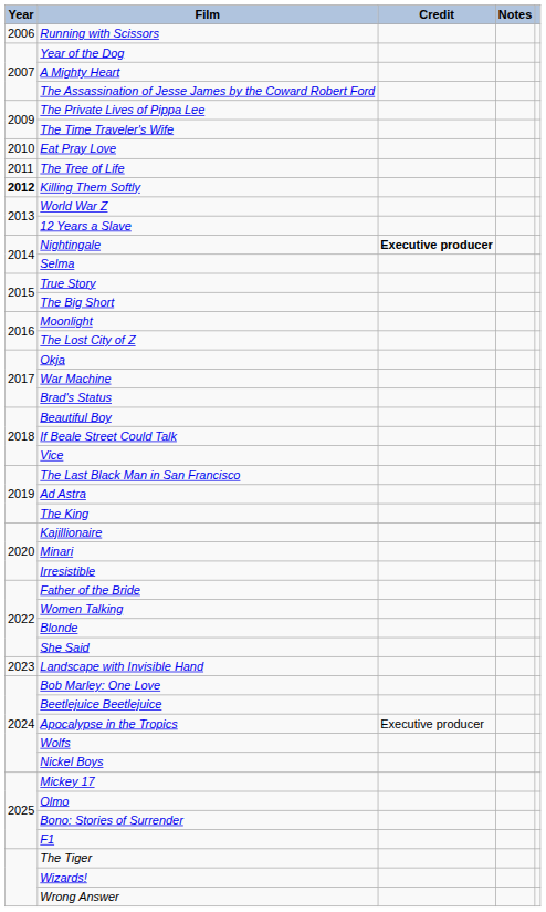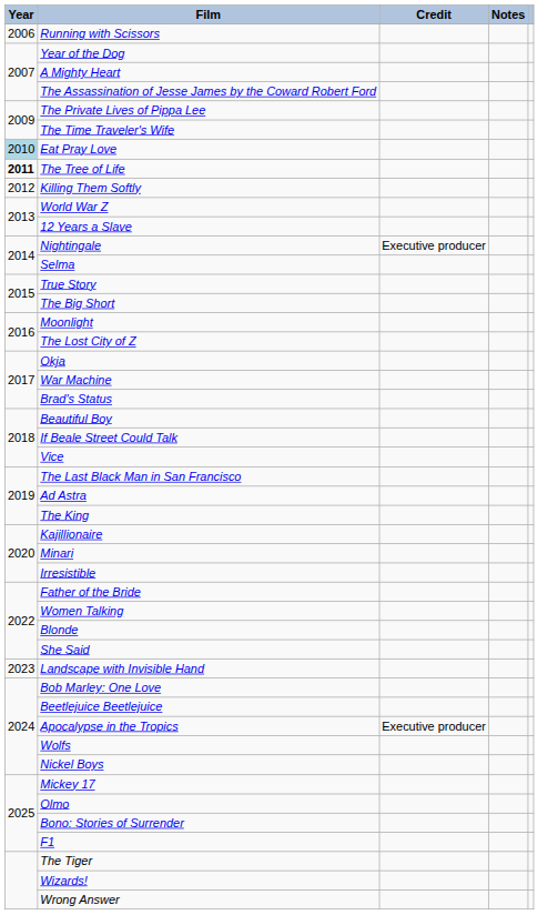 <table class="wikitable" style="font-size:95%;">
 <tr>
 <th style="background:#B0C4DE;">Year</th>
 <th style="background:#B0C4DE;">Film</th>
 <th style="background:#B0C4DE;">Credit</th>
 <th style="background:#B0C4DE;">Notes</th>
 <th style="background:#B0C4DE;"></th>
 </tr>
 <tr>
 <td>2006</td>
 <td><em><a href='#'>Running with Scissors</a></em></td>
 <td></td>
 <td></td>
 <td></td>
 </tr>
 <tr>
 <td rowspan=3>2007</td>
 <td><em><a href='#'>Year of the Dog</a></em></td>
 <td></td>
 <td></td>
 <td></td>
 </tr>
 <tr>
 <td><em><a href='#'>A Mighty Heart</a></em></td>
 <td></td>
 <td></td>
 <td></td>
 </tr>
 <tr>
 <td><em><a href='#'>The Assassination of Jesse James by the Coward Robert Ford</a></em></td>
 <td></td>
 <td></td>
 <td></td>
 </tr>
 <tr>
 <td rowspan=2>2009</td>
 <td><em><a href='#'>The Private Lives of Pippa Lee</a></em></td>
 <td></td>
 <td></td>
 <td></td>
 </tr>
 <tr>
 <td><em><a href='#'>The Time Traveler's Wife</a></em></td>
 <td></td>
 <td></td>
 <td></td>
 </tr>
 <tr>
-<td>2010</td>
+<td style="background: lightblue;">2010</td>
 <td><em><a href='#'>Eat Pray Love</a></em></td>
 <td></td>
 <td></td>
 <td></td>
 </tr>
 <tr>
-<td>2011</td>
+<td><strong>2011</strong></td>
 <td><em><a href='#'>The Tree of Life</a></em></td>
 <td></td>
 <td></td>
 <td></td>
 </tr>
 <tr>
-<td><strong>2012</strong></td>
+<td>2012</td>
 <td><em><a href='#'>Killing Them Softly</a></em></td>
 <td></td>
 <td></td>
 <td></td>
 </tr>
 <tr>
 <td rowspan=2>2013</td>
 <td><em><a href='#'>World War Z</a></em></td>
 <td></td>
 <td></td>
 <td></td>
 </tr>
 <tr>
 <td><em><a href='#'>12 Years a Slave</a></em></td>
 <td></td>
 <td></td>
 <td></td>
 </tr>
 <tr>
 <td rowspan=2>2014</td>
 <td><em><a href='#'>Nightingale</a></em></td>
-<td><strong>Executive producer</strong></td>
+<td>Executive producer</td>
 <td></td>
 <td></td>
 </tr>
 <tr>
 <td><em><a href='#'>Selma</a></em></td>
 <td></td>
 <td></td>
 <td></td>
 </tr>
 <tr>
 <td rowspan=2>2015</td>
 <td><em><a href='#'>True Story</a></em></td>
 <td></td>
 <td></td>
 <td></td>
 </tr>
 <tr>
 <td><em><a href='#'>The Big Short</a></em></td>
 <td></td>
 <td></td>
 <td></td>
 </tr>
 <tr>
 <td rowspan=2>2016</td>
 <td><em><a href='#'>Moonlight</a></em></td>
 <td></td>
 <td></td>
 <td></td>
 </tr>
 <tr>
 <td><em><a href='#'>The Lost City of Z</a></em></td>
 <td></td>
 <td></td>
 <td></td>
 </tr>
 <tr>
 <td rowspan=3>2017</td>
 <td><em><a href='#'>Okja</a></em></td>
 <td></td>
 <td></td>
 <td></td>
 </tr>
 <tr>
 <td><em><a href='#'>War Machine</a></em></td>
 <td></td>
 <td></td>
 <td></td>
 </tr>
 <tr>
 <td><em><a href='#'>Brad's Status</a></em></td>
 <td></td>
 <td></td>
 <td></td>
 </tr>
 <tr>
 <td rowspan=3>2018</td>
 <td><em><a href='#'>Beautiful Boy</a></em></td>
 <td></td>
 <td></td>
 <td></td>
 </tr>
 <tr>
 <td><em><a href='#'>If Beale Street Could Talk</a></em></td>
 <td></td>
 <td></td>
 <td></td>
 </tr>
 <tr>
 <td><em><a href='#'>Vice</a></em></td>
 <td></td>
 <td></td>
 <td></td>
 </tr>
 <tr>
 <td rowspan=3>2019</td>
 <td><em><a href='#'>The Last Black Man in San Francisco</a></em></td>
 <td></td>
 <td></td>
 <td></td>
 </tr>
 <tr>
 <td><em><a href='#'>Ad Astra</a></em></td>
 <td></td>
 <td></td>
 <td></td>
 </tr>
 <tr>
 <td><em><a href='#'>The King</a></em></td>
 <td></td>
 <td></td>
 <td></td>
 </tr>
 <tr>
 <td rowspan=3>2020</td>
 <td><em><a href='#'>Kajillionaire</a></em></td>
 <td></td>
 <td></td>
 <td></td>
 </tr>
 <tr>
 <td><em><a href='#'>Minari</a></em></td>
 <td></td>
 <td></td>
 <td></td>
 </tr>
 <tr>
 <td><em><a href='#'>Irresistible</a></em></td>
 <td></td>
 <td></td>
 <td></td>
 </tr>
 <tr>
 <td rowspan=4>2022</td>
 <td><em><a href='#'>Father of the Bride</a></em></td>
 <td></td>
 <td></td>
 <td></td>
 </tr>
 <tr>
 <td><em><a href='#'>Women Talking</a></em></td>
 <td></td>
 <td></td>
 <td></td>
 </tr>
 <tr>
 <td><em><a href='#'>Blonde</a></em></td>
 <td></td>
 <td></td>
 <td></td>
 </tr>
 <tr>
 <td><em><a href='#'>She Said</a></em></td>
 <td></td>
 <td></td>
 <td></td>
 </tr>
 <tr>
 <td>2023</td>
 <td><em><a href='#'>Landscape with Invisible Hand</a></em></td>
 <td></td>
 <td></td>
 <td></td>
 </tr>
 <tr>
 <td rowspan="5">2024</td>
 <td><em><a href='#'>Bob Marley: One Love</a></em></td>
 <td></td>
 <td></td>
 <td></td>
 </tr>
 <tr>
 <td><em><a href='#'>Beetlejuice Beetlejuice</a></em></td>
 <td></td>
 <td></td>
 <td style="text-align:center"></td>
 </tr>
 <tr>
 <td><em><a href='#'>Apocalypse in the Tropics</a></em></td>
 <td>Executive producer</td>
 <td></td>
 <td style="text-align:center"></td>
 </tr>
 <tr>
 <td><em><a href='#'>Wolfs</a></em></td>
 <td></td>
 <td></td>
 <td style="text-align:center"></td>
 </tr>
 <tr>
 <td><em><a href='#'>Nickel Boys</a></em></td>
 <td></td>
 <td></td>
 <td style="text-align:center"></td>
 </tr>
 <tr>
 <td rowspan="4">2025</td>
 <td><em><a href='#'>Mickey 17</a></em></td>
 <td></td>
 <td></td>
 <td></td>
 </tr>
 <tr>
 <td><em><a href='#'>Olmo</a></em></td>
 <td></td>
 <td></td>
 <td style="text-align:center"></td>
 </tr>
 <tr>
 <td><em><a href='#'>Bono: Stories of Surrender</a></em></td>
 <td></td>
 <td></td>
 <td></td>
 </tr>
 <tr>
 <td><em><a href='#'>F1</a></em></td>
 <td></td>
 <td></td>
 <td></td>
 </tr>
 <tr>
 <td rowspan="4"></td>
 <td><em>The Tiger</em></td>
 <td></td>
 <td></td>
 <td></td>
 </tr>
 <tr>
 <td><em><a href='#'>Wizards!</a></em></td>
 <td></td>
 <td></td>
 <td></td>
 </tr>
 <tr>
 <td><em>Wrong Answer</em></td>
 <td></td>
 <td></td>
 <td></td>
 </tr>
 </table>
